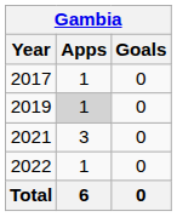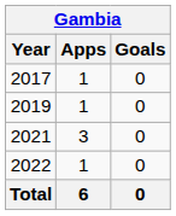 <table class="wikitable" style="text-align:center">
 <tr>
 <th colspan=3><a href='#'>Gambia</a></th>
 </tr>
 <tr>
 <th>Year</th>
 <th>Apps</th>
 <th>Goals</th>
 </tr>
 <tr>
 <td>2017</td>
 <td>1</td>
 <td>0</td>
 </tr>
 <tr>
 <td>2019</td>
-<td style="background: lightgrey;">1</td>
+<td>1</td>
 <td>0</td>
 </tr>
 <tr>
 <td>2021</td>
 <td>3</td>
 <td>0</td>
 </tr>
 <tr>
 <td>2022</td>
 <td>1</td>
 <td>0</td>
 </tr>
 <tr>
 <th>Total</th>
 <th>6</th>
 <th>0</th>
 </tr>
 </table>
